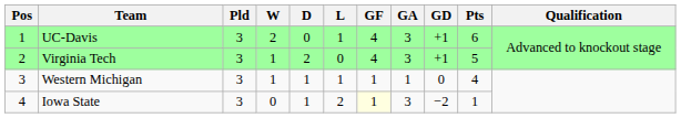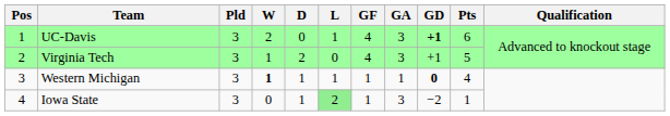 <table class="wikitable" style="text-align:center; margin: 1em auto">
 <tr>
 <th style="width:2em">Pos</th>
 <th style="width:13em">Team</th>
 <th style="width:2em">Pld</th>
 <th style="width:2em">W</th>
 <th style="width:2em">D</th>
 <th style="width:2em">L</th>
 <th style="width:2em">GF</th>
 <th style="width:2em">GA</th>
 <th style="width:2em">GD</th>
 <th style="width:2em">Pts</th>
 <th style="width:13em">Qualification</th>
 </tr>
 <tr bgcolor="#9eff9e">
 <td>1</td>
 <td style="text-align:left">UC-Davis</td>
 <td>3</td>
 <td>2</td>
 <td>0</td>
 <td>1</td>
 <td>4</td>
 <td>3</td>
-<td>+1</td>
+<td><strong>+1</strong></td>
 <td>6</td>
 <td rowspan="2">Advanced to knockout stage</td>
 </tr>
 <tr bgcolor="#9eff9e">
 <td>2</td>
 <td style="text-align:left">Virginia Tech</td>
 <td>3</td>
 <td>1</td>
 <td>2</td>
 <td>0</td>
 <td>4</td>
 <td>3</td>
 <td>+1</td>
 <td>5</td>
 </tr>
 <tr>
 <td>3</td>
 <td style="text-align:left">Western Michigan</td>
 <td>3</td>
+<td><strong>1</strong></td>
 <td>1</td>
 <td>1</td>
 <td>1</td>
 <td>1</td>
-<td>1</td>
-<td>0</td>
+<td><strong>0</strong></td>
 <td>4</td>
 <td rowspan="2"></td>
 </tr>
 <tr>
 <td>4</td>
 <td style="text-align:left">Iowa State</td>
 <td>3</td>
 <td>0</td>
 <td>1</td>
-<td>2</td>
-<td style="background: lightyellow;">1</td>
+<td style="background: lightgreen;">2</td>
+<td>1</td>
 <td>3</td>
 <td>−2</td>
 <td>1</td>
 </tr>
 </table>
